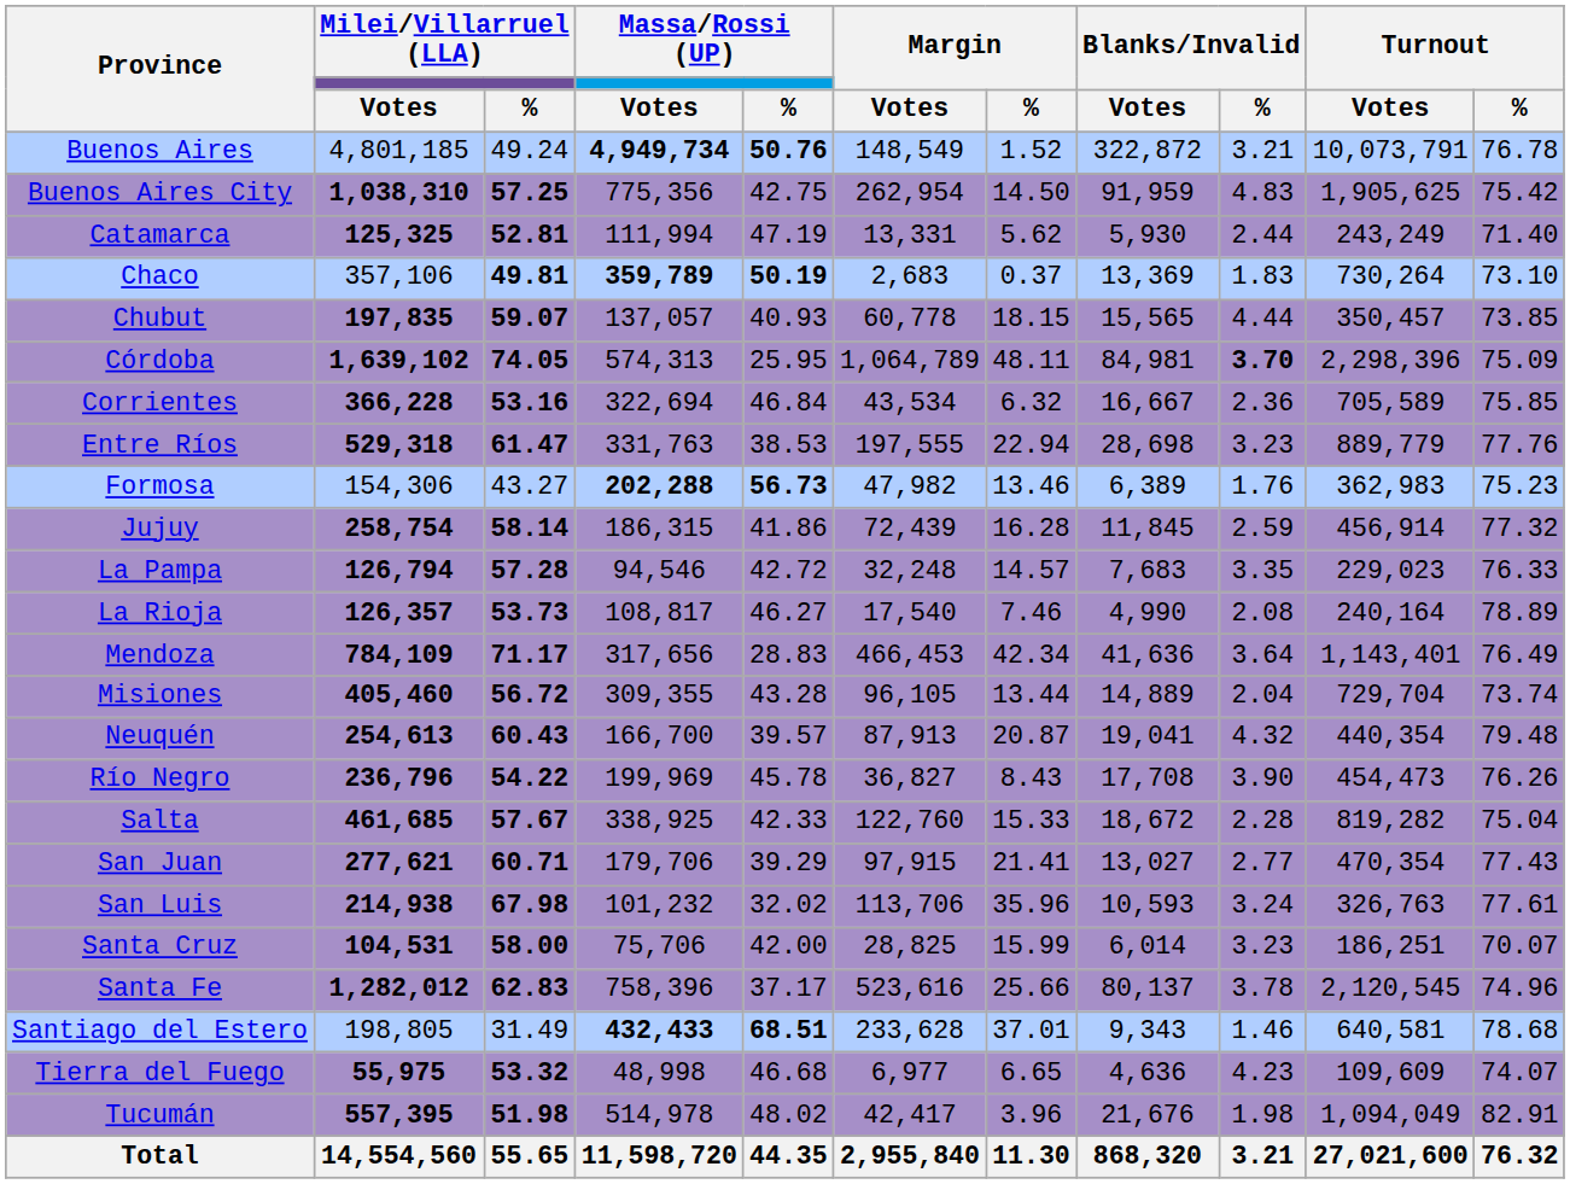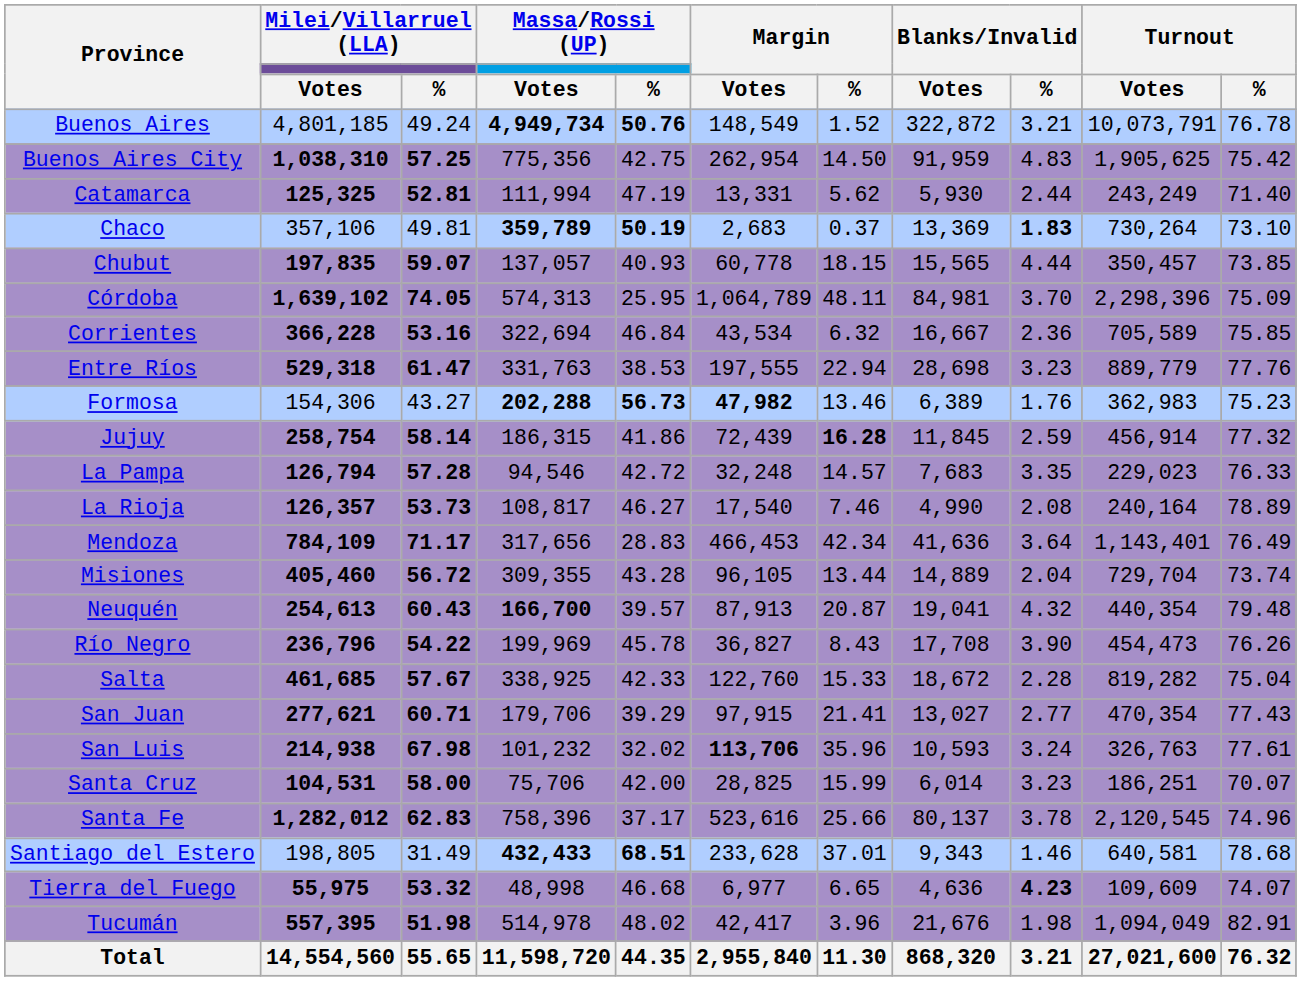 <table class="wikitable sortable" style="text-align: center; font-size: 95%;">
 <tr>
 <th rowspan=3>Province</th>
 <th colspan=2><a href='#'>Milei</a>/<a href='#'>Villarruel</a><br>(<a href='#'>LLA</a>)</th>
 <th colspan="2"><a href='#'>Massa</a>/<a href='#'>Rossi</a><br>(<a href='#'>UP</a>)</th>
 <th colspan="2" rowspan="2">Margin</th>
 <th colspan="2" rowspan="2">Blanks/Invalid</th>
 <th colspan=2 rowspan=2>Turnout</th>
 </tr>
 <tr>
 <th colspan=2 style="background:#6C4C99"></th>
 <th colspan=2 style="background:#009FE3"></th>
 </tr>
 <tr>
 <th>Votes</th>
 <th>%</th>
 <th>Votes</th>
 <th>%</th>
 <th>Votes</th>
 <th>%</th>
 <th>Votes</th>
 <th>%</th>
 <th>Votes</th>
 <th>%</th>
 </tr>
 <tr bgcolor=#B0CEFF>
 <td><a href='#'>Buenos Aires</a></td>
 <td>4,801,185</td>
 <td>49.24</td>
 <td><strong>4,949,734</strong></td>
 <td><strong>50.76</strong></td>
 <td>148,549</td>
 <td>1.52</td>
 <td>322,872</td>
 <td>3.21</td>
 <td>10,073,791</td>
 <td>76.78</td>
 </tr>
 <tr bgcolor=#A68FC8>
 <td><a href='#'>Buenos Aires City</a></td>
 <td><strong>1,038,310</strong></td>
 <td><strong>57.25</strong></td>
 <td>775,356</td>
 <td>42.75</td>
 <td>262,954</td>
 <td>14.50</td>
 <td>91,959</td>
 <td>4.83</td>
 <td>1,905,625</td>
 <td>75.42</td>
 </tr>
 <tr bgcolor=#A68FC8>
 <td><a href='#'>Catamarca</a></td>
 <td><strong>125,325</strong></td>
 <td><strong>52.81</strong></td>
 <td>111,994</td>
 <td>47.19</td>
 <td>13,331</td>
 <td>5.62</td>
 <td>5,930</td>
 <td>2.44</td>
 <td>243,249</td>
 <td>71.40</td>
 </tr>
 <tr bgcolor=#B0CEFF>
 <td><a href='#'>Chaco</a></td>
 <td>357,106</td>
-<td><strong>49.81</strong></td>
+<td>49.81</td>
 <td><strong>359,789</strong></td>
 <td><strong>50.19</strong></td>
 <td>2,683</td>
 <td>0.37</td>
 <td>13,369</td>
-<td>1.83</td>
+<td><strong>1.83</strong></td>
 <td>730,264</td>
 <td>73.10</td>
 </tr>
 <tr bgcolor=#A68FC8>
 <td><a href='#'>Chubut</a></td>
 <td><strong>197,835</strong></td>
 <td><strong>59.07</strong></td>
 <td>137,057</td>
 <td>40.93</td>
 <td>60,778</td>
 <td>18.15</td>
 <td>15,565</td>
 <td>4.44</td>
 <td>350,457</td>
 <td>73.85</td>
 </tr>
 <tr bgcolor=#A68FC8>
 <td><a href='#'>Córdoba</a></td>
 <td><strong>1,639,102</strong></td>
 <td><strong>74.05</strong></td>
 <td>574,313</td>
 <td>25.95</td>
 <td>1,064,789</td>
 <td>48.11</td>
 <td>84,981</td>
-<td><strong>3.70</strong></td>
+<td>3.70</td>
 <td>2,298,396</td>
 <td>75.09</td>
 </tr>
 <tr bgcolor=#A68FC8>
 <td><a href='#'>Corrientes</a></td>
 <td><strong>366,228</strong></td>
 <td><strong>53.16</strong></td>
 <td>322,694</td>
 <td>46.84</td>
 <td>43,534</td>
 <td>6.32</td>
 <td>16,667</td>
 <td>2.36</td>
 <td>705,589</td>
 <td>75.85</td>
 </tr>
 <tr bgcolor=#A68FC8>
 <td><a href='#'>Entre Ríos</a></td>
 <td><strong>529,318</strong></td>
 <td><strong>61.47</strong></td>
 <td>331,763</td>
 <td>38.53</td>
 <td>197,555</td>
 <td>22.94</td>
 <td>28,698</td>
 <td>3.23</td>
 <td>889,779</td>
 <td>77.76</td>
 </tr>
 <tr bgcolor=#B0CEFF>
 <td><a href='#'>Formosa</a></td>
 <td>154,306</td>
 <td>43.27</td>
 <td><strong>202,288</strong></td>
 <td><strong>56.73</strong></td>
-<td>47,982</td>
+<td><strong>47,982</strong></td>
 <td>13.46</td>
 <td>6,389</td>
 <td>1.76</td>
 <td>362,983</td>
 <td>75.23</td>
 </tr>
 <tr bgcolor=#A68FC8>
 <td><a href='#'>Jujuy</a></td>
 <td><strong>258,754</strong></td>
 <td><strong>58.14</strong></td>
 <td>186,315</td>
 <td>41.86</td>
 <td>72,439</td>
-<td>16.28</td>
+<td><strong>16.28</strong></td>
 <td>11,845</td>
 <td>2.59</td>
 <td>456,914</td>
 <td>77.32</td>
 </tr>
 <tr bgcolor=#A68FC8>
 <td><a href='#'>La Pampa</a></td>
 <td><strong>126,794</strong></td>
 <td><strong>57.28</strong></td>
 <td>94,546</td>
 <td>42.72</td>
 <td>32,248</td>
 <td>14.57</td>
 <td>7,683</td>
 <td>3.35</td>
 <td>229,023</td>
 <td>76.33</td>
 </tr>
 <tr bgcolor=#A68FC8>
 <td><a href='#'>La Rioja</a></td>
 <td><strong>126,357</strong></td>
 <td><strong>53.73</strong></td>
 <td>108,817</td>
 <td>46.27</td>
 <td>17,540</td>
 <td>7.46</td>
 <td>4,990</td>
 <td>2.08</td>
 <td>240,164</td>
 <td>78.89</td>
 </tr>
 <tr bgcolor=#A68FC8>
 <td><a href='#'>Mendoza</a></td>
 <td><strong>784,109</strong></td>
 <td><strong>71.17</strong></td>
 <td>317,656</td>
 <td>28.83</td>
 <td>466,453</td>
 <td>42.34</td>
 <td>41,636</td>
 <td>3.64</td>
 <td>1,143,401</td>
 <td>76.49</td>
 </tr>
 <tr bgcolor=#A68FC8>
 <td><a href='#'>Misiones</a></td>
 <td><strong>405,460</strong></td>
 <td><strong>56.72</strong></td>
 <td>309,355</td>
 <td>43.28</td>
 <td>96,105</td>
 <td>13.44</td>
 <td>14,889</td>
 <td>2.04</td>
 <td>729,704</td>
 <td>73.74</td>
 </tr>
 <tr bgcolor=#A68FC8>
 <td><a href='#'>Neuquén</a></td>
 <td><strong>254,613</strong></td>
 <td><strong>60.43</strong></td>
-<td>166,700</td>
+<td><strong>166,700</strong></td>
 <td>39.57</td>
 <td>87,913</td>
 <td>20.87</td>
 <td>19,041</td>
 <td>4.32</td>
 <td>440,354</td>
 <td>79.48</td>
 </tr>
 <tr bgcolor=#A68FC8>
 <td><a href='#'>Río Negro</a></td>
 <td><strong>236,796</strong></td>
 <td><strong>54.22</strong></td>
 <td>199,969</td>
 <td>45.78</td>
 <td>36,827</td>
 <td>8.43</td>
 <td>17,708</td>
 <td>3.90</td>
 <td>454,473</td>
 <td>76.26</td>
 </tr>
 <tr bgcolor=#A68FC8>
 <td><a href='#'>Salta</a></td>
 <td><strong>461,685</strong></td>
 <td><strong>57.67</strong></td>
 <td>338,925</td>
 <td>42.33</td>
 <td>122,760</td>
 <td>15.33</td>
 <td>18,672</td>
 <td>2.28</td>
 <td>819,282</td>
 <td>75.04</td>
 </tr>
 <tr bgcolor=#A68FC8>
 <td><a href='#'>San Juan</a></td>
 <td><strong>277,621</strong></td>
 <td><strong>60.71</strong></td>
 <td>179,706</td>
 <td>39.29</td>
 <td>97,915</td>
 <td>21.41</td>
 <td>13,027</td>
 <td>2.77</td>
 <td>470,354</td>
 <td>77.43</td>
 </tr>
 <tr bgcolor=#A68FC8>
 <td><a href='#'>San Luis</a></td>
 <td><strong>214,938</strong></td>
 <td><strong>67.98</strong></td>
 <td>101,232</td>
 <td>32.02</td>
-<td>113,706</td>
+<td><strong>113,706</strong></td>
 <td>35.96</td>
 <td>10,593</td>
 <td>3.24</td>
 <td>326,763</td>
 <td>77.61</td>
 </tr>
 <tr bgcolor=#A68FC8>
 <td><a href='#'>Santa Cruz</a></td>
 <td><strong>104,531</strong></td>
 <td><strong>58.00</strong></td>
 <td>75,706</td>
 <td>42.00</td>
 <td>28,825</td>
 <td>15.99</td>
 <td>6,014</td>
 <td>3.23</td>
 <td>186,251</td>
 <td>70.07</td>
 </tr>
 <tr bgcolor=#A68FC8>
 <td><a href='#'>Santa Fe</a></td>
 <td><strong>1,282,012</strong></td>
 <td><strong>62.83</strong></td>
 <td>758,396</td>
 <td>37.17</td>
 <td>523,616</td>
 <td>25.66</td>
 <td>80,137</td>
 <td>3.78</td>
 <td>2,120,545</td>
 <td>74.96</td>
 </tr>
 <tr bgcolor=#B0CEFF>
 <td><a href='#'>Santiago del Estero</a></td>
 <td>198,805</td>
 <td>31.49</td>
 <td><strong>432,433</strong></td>
 <td><strong>68.51</strong></td>
 <td>233,628</td>
 <td>37.01</td>
 <td>9,343</td>
 <td>1.46</td>
 <td>640,581</td>
 <td>78.68</td>
 </tr>
 <tr bgcolor=#A68FC8>
 <td><a href='#'>Tierra del Fuego</a></td>
 <td><strong>55,975</strong></td>
 <td><strong>53.32</strong></td>
 <td>48,998</td>
 <td>46.68</td>
 <td>6,977</td>
 <td>6.65</td>
 <td>4,636</td>
-<td>4.23</td>
+<td><strong>4.23</strong></td>
 <td>109,609</td>
 <td>74.07</td>
 </tr>
 <tr bgcolor=#A68FC8>
 <td><a href='#'>Tucumán</a></td>
 <td><strong>557,395</strong></td>
 <td><strong>51.98</strong></td>
 <td>514,978</td>
 <td>48.02</td>
 <td>42,417</td>
 <td>3.96</td>
 <td>21,676</td>
 <td>1.98</td>
 <td>1,094,049</td>
 <td>82.91</td>
 </tr>
 <tr class="sortbottom">
 <th>Total</th>
 <th>14,554,560</th>
 <th>55.65</th>
 <th>11,598,720</th>
 <th>44.35</th>
 <th>2,955,840</th>
 <th>11.30</th>
 <th>868,320</th>
 <th>3.21</th>
 <th>27,021,600</th>
 <th>76.32</th>
 </tr>
 </table>
